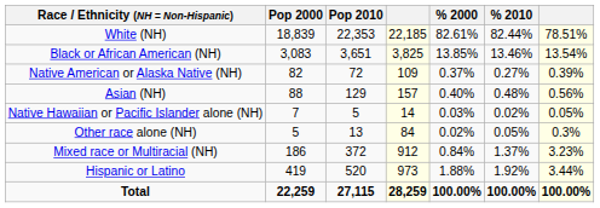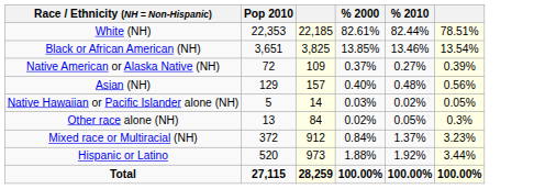 <table class="wikitable" style="text-align:center;">
 <tr>
 <th>Race / Ethnicity <small>(<em>NH = Non-Hispanic</em>)</small></th>
-<th>Pop 2000</th>
 <th>Pop 2010</th>
 <th></th>
 <th>% 2000</th>
 <th>% 2010</th>
 <th></th>
 </tr>
 <tr>
 <td><a href='#'>White</a> (NH)</td>
-<td>18,839</td>
 <td>22,353</td>
 <td style='background: #ffffe6;'>22,185</td>
 <td>82.61%</td>
 <td>82.44%</td>
 <td style='background: #ffffe6;'>78.51%</td>
 </tr>
 <tr>
 <td><a href='#'>Black or African American</a> (NH)</td>
-<td>3,083</td>
 <td>3,651</td>
 <td style='background: #ffffe6;'>3,825</td>
 <td>13.85%</td>
 <td>13.46%</td>
 <td style='background: #ffffe6;'>13.54%</td>
 </tr>
 <tr>
 <td><a href='#'>Native American</a> or <a href='#'>Alaska Native</a> (NH)</td>
-<td>82</td>
 <td>72</td>
 <td style='background: #ffffe6;'>109</td>
 <td>0.37%</td>
 <td>0.27%</td>
 <td style='background: #ffffe6;'>0.39%</td>
 </tr>
 <tr>
 <td><a href='#'>Asian</a> (NH)</td>
-<td>88</td>
 <td>129</td>
 <td style='background: #ffffe6;'>157</td>
 <td>0.40%</td>
 <td>0.48%</td>
 <td style='background: #ffffe6;'>0.56%</td>
 </tr>
 <tr>
 <td><a href='#'>Native Hawaiian</a> or <a href='#'>Pacific Islander</a> alone (NH)</td>
-<td>7</td>
 <td>5</td>
 <td style='background: #ffffe6;'>14</td>
 <td>0.03%</td>
 <td>0.02%</td>
 <td style='background: #ffffe6;'>0.05%</td>
 </tr>
 <tr>
 <td><a href='#'>Other race</a> alone (NH)</td>
-<td>5</td>
 <td>13</td>
 <td style='background: #ffffe6;'>84</td>
 <td>0.02%</td>
 <td>0.05%</td>
 <td style='background: #ffffe6;'>0.3%</td>
 </tr>
 <tr>
 <td><a href='#'>Mixed race or Multiracial</a> (NH)</td>
-<td>186</td>
 <td>372</td>
 <td style='background: #ffffe6;'>912</td>
 <td>0.84%</td>
 <td>1.37%</td>
 <td style='background: #ffffe6;'>3.23%</td>
 </tr>
 <tr>
 <td><a href='#'>Hispanic or Latino</a></td>
-<td>419</td>
 <td>520</td>
 <td style='background: #ffffe6;'>973</td>
 <td>1.88%</td>
 <td>1.92%</td>
 <td style='background: #ffffe6;'>3.44%</td>
 </tr>
 <tr>
 <td><strong>Total</strong></td>
-<td><strong>22,259</strong></td>
 <td><strong>27,115</strong></td>
 <td style='background: #ffffe6;'><strong>28,259</strong></td>
 <td><strong>100.00%</strong></td>
 <td><strong>100.00%</strong></td>
 <td style='background: #ffffe6;'><strong>100.00%</strong></td>
 </tr>
 </table>
